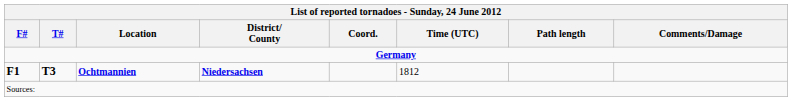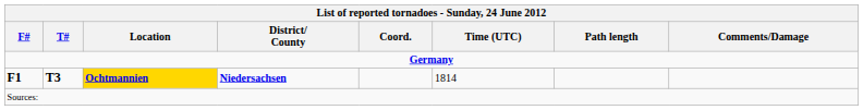 <table class="wikitable collapsible" width="100%">
 <tr>
 <th colspan="8">List of reported tornadoes - Sunday, 24 June 2012</th>
 </tr>
 <tr>
 <th><a href='#'>F#</a></th>
 <th><a href='#'>T#</a></th>
 <th>Location</th>
 <th>District/<br>County</th>
 <th>Coord.</th>
 <th>Time (UTC)</th>
 <th>Path length</th>
 <th>Comments/Damage</th>
 </tr>
 <tr>
 <td colspan="8" align=center><strong><a href='#'>Germany</a></strong></td>
 </tr>
 <tr>
 <td><big><strong>F1</strong></big></td>
 <td><big><strong>T3</strong></big></td>
-<td><strong><a href='#'>Ochtmannien</a></strong></td>
+<td style="background: gold;"><strong><a href='#'>Ochtmannien</a></strong></td>
 <td><strong><a href='#'>Niedersachsen</a></strong></td>
 <td></td>
-<td>1812</td>
+<td>1814</td>
 <td></td>
 <td></td>
 </tr>
 <tr>
 <td colspan="8"><small>Sources:  </small></td>
 </tr>
 </table>
